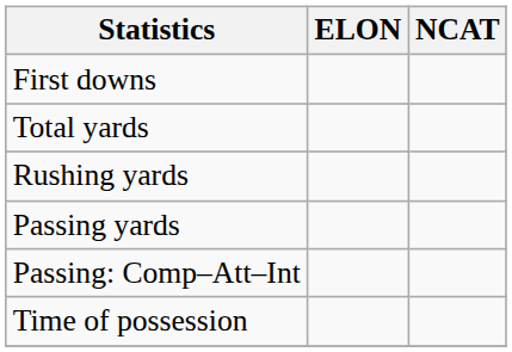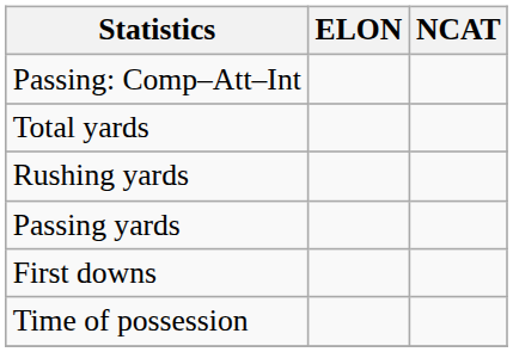 <table class="wikitable" style="float: left;">
 <tr>
 <th>Statistics</th>
 <th>ELON</th>
 <th>NCAT</th>
 </tr>
 <tr>
-<td>First downs</td>
+<td>Passing: Comp–Att–Int</td>
 <td></td>
 <td></td>
 </tr>
 <tr>
 <td>Total yards</td>
 <td></td>
 <td></td>
 </tr>
 <tr>
 <td>Rushing yards</td>
 <td></td>
 <td></td>
 </tr>
 <tr>
 <td>Passing yards</td>
 <td></td>
 <td></td>
 </tr>
 <tr>
-<td>Passing: Comp–Att–Int</td>
+<td>First downs</td>
 <td></td>
 <td></td>
 </tr>
 <tr>
 <td>Time of possession</td>
 <td></td>
 <td></td>
 </tr>
 <tr>
 </tr>
 </table>
